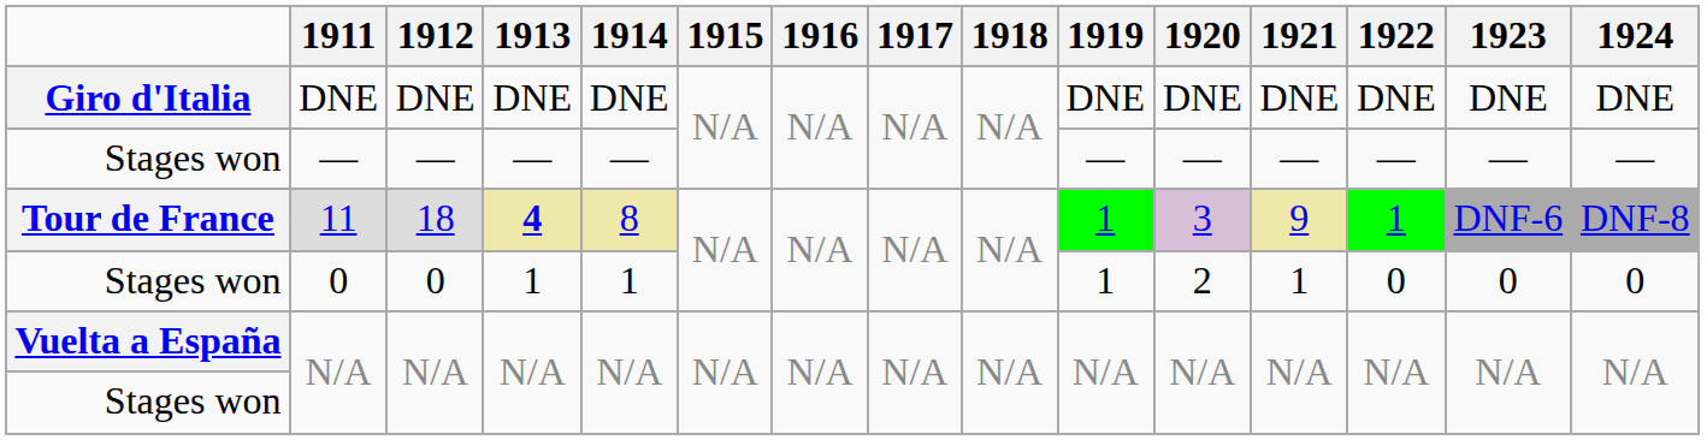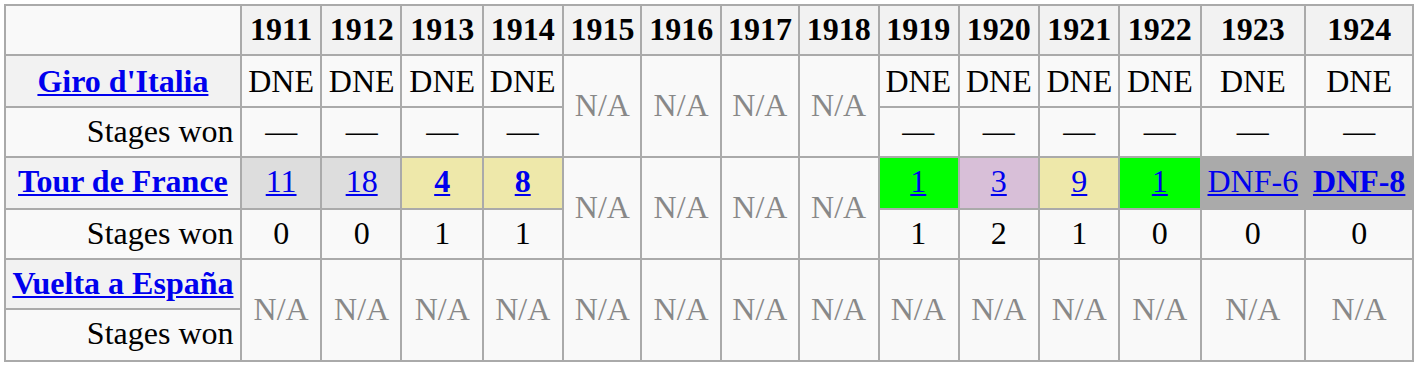 <table class="wikitable">
 <tr>
 <td></td>
 <th scope="col">1911</th>
 <th scope="col">1912</th>
 <th scope="col">1913</th>
 <th scope="col">1914</th>
 <th scope="col">1915</th>
 <th scope="col">1916</th>
 <th scope="col">1917</th>
 <th scope="col">1918</th>
 <th scope="col">1919</th>
 <th scope="col">1920</th>
 <th scope="col">1921</th>
 <th scope="col">1922</th>
 <th scope="col">1923</th>
 <th scope="col">1924</th>
 </tr>
 <tr>
 <th><a href='#'>Giro d'Italia</a></th>
 <td align="center">DNE</td>
 <td align="center">DNE</td>
 <td align="center">DNE</td>
 <td align="center">DNE</td>
 <td rowspan=2 align="center" style="color:#888888;">N/A</td>
 <td rowspan=2 align="center" style="color:#888888;">N/A</td>
 <td rowspan=2 align="center" style="color:#888888;">N/A</td>
 <td rowspan=2 align="center" style="color:#888888;">N/A</td>
 <td align="center">DNE</td>
 <td align="center">DNE</td>
 <td align="center">DNE</td>
 <td align="center">DNE</td>
 <td align="center">DNE</td>
 <td align="center">DNE</td>
 </tr>
 <tr>
 <td align="right">Stages won</td>
 <td align="center">—</td>
 <td align="center">—</td>
 <td align="center">—</td>
 <td align="center">—</td>
 <td align="center">—</td>
 <td align="center">—</td>
 <td align="center">—</td>
 <td align="center">—</td>
 <td align="center">—</td>
 <td align="center">—</td>
 </tr>
 <tr>
 <th><a href='#'>Tour de France</a></th>
 <td align="center" style="background:#DDDDDD;"><a href='#'>11</a></td>
 <td align="center" style="background:#DDDDDD;"><a href='#'>18</a></td>
 <td align="center" style="background:#EEE8AA;"><strong><a href='#'>4</a></strong></td>
-<td align="center" style="background:#EEE8AA;"><a href='#'>8</a></td>
+<td align="center" style="background:#EEE8AA;"><strong><a href='#'>8</a></strong></td>
 <td rowspan=2 align="center" style="color:#888888;">N/A</td>
 <td rowspan=2 align="center" style="color:#888888;">N/A</td>
 <td rowspan=2 align="center" style="color:#888888;">N/A</td>
 <td rowspan=2 align="center" style="color:#888888;">N/A</td>
 <td align="center" style="background:#00ff00;"><a href='#'>1</a></td>
 <td align="center" style="background:#D8BFD8;"><a href='#'>3</a></td>
 <td align="center" style="background:#EEE8AA;"><a href='#'>9</a></td>
 <td align="center" style="background:#00ff00;"><a href='#'>1</a></td>
 <td align="center" style="background:#AAAAAA;"><a href='#'>DNF-6</a></td>
-<td align="center" style="background:#AAAAAA;"><a href='#'>DNF-8</a></td>
+<td align="center" style="background:#AAAAAA;"><strong><a href='#'>DNF-8</a></strong></td>
 </tr>
 <tr>
 <td align="right">Stages won</td>
 <td align="center">0</td>
 <td align="center">0</td>
 <td align="center">1</td>
 <td align="center">1</td>
 <td align="center">1</td>
 <td align="center">2</td>
 <td align="center">1</td>
 <td align="center">0</td>
 <td align="center">0</td>
 <td align="center">0</td>
 </tr>
 <tr>
 <th><a href='#'>Vuelta a España</a></th>
 <td rowspan=2 align="center" style="color:#888888;">N/A</td>
 <td rowspan=2 align="center" style="color:#888888;">N/A</td>
 <td rowspan=2 align="center" style="color:#888888;">N/A</td>
 <td rowspan=2 align="center" style="color:#888888;">N/A</td>
 <td rowspan=2 align="center" style="color:#888888;">N/A</td>
 <td rowspan=2 align="center" style="color:#888888;">N/A</td>
 <td rowspan=2 align="center" style="color:#888888;">N/A</td>
 <td rowspan=2 align="center" style="color:#888888;">N/A</td>
 <td rowspan=2 align="center" style="color:#888888;">N/A</td>
 <td rowspan=2 align="center" style="color:#888888;">N/A</td>
 <td rowspan=2 align="center" style="color:#888888;">N/A</td>
 <td rowspan=2 align="center" style="color:#888888;">N/A</td>
 <td rowspan=2 align="center" style="color:#888888;">N/A</td>
 <td rowspan=2 align="center" style="color:#888888;">N/A</td>
 </tr>
 <tr>
 <td align="right">Stages won</td>
 </tr>
 </table>
